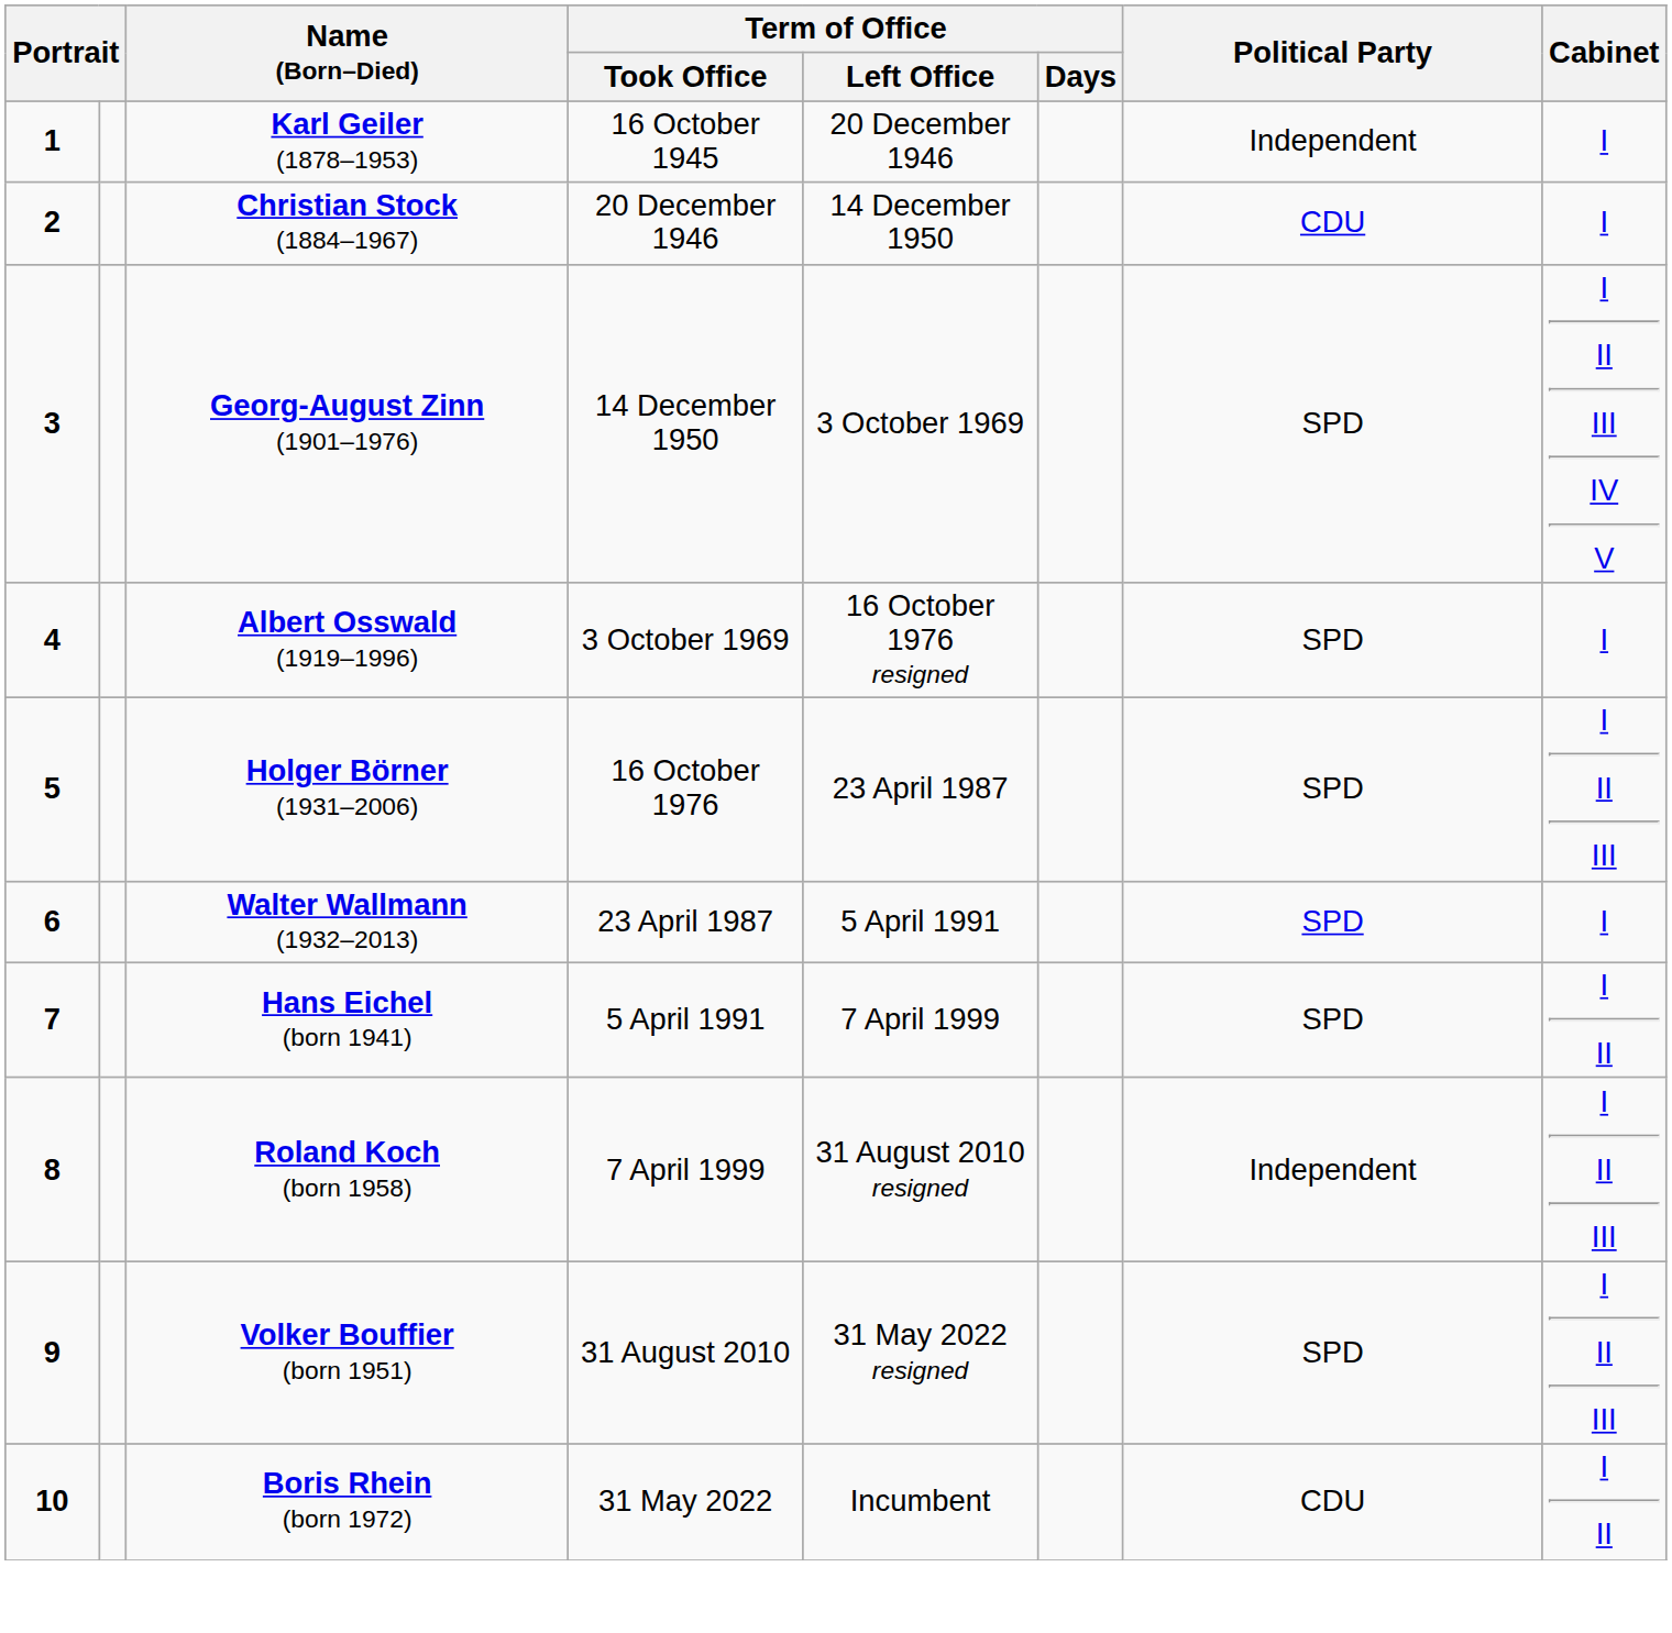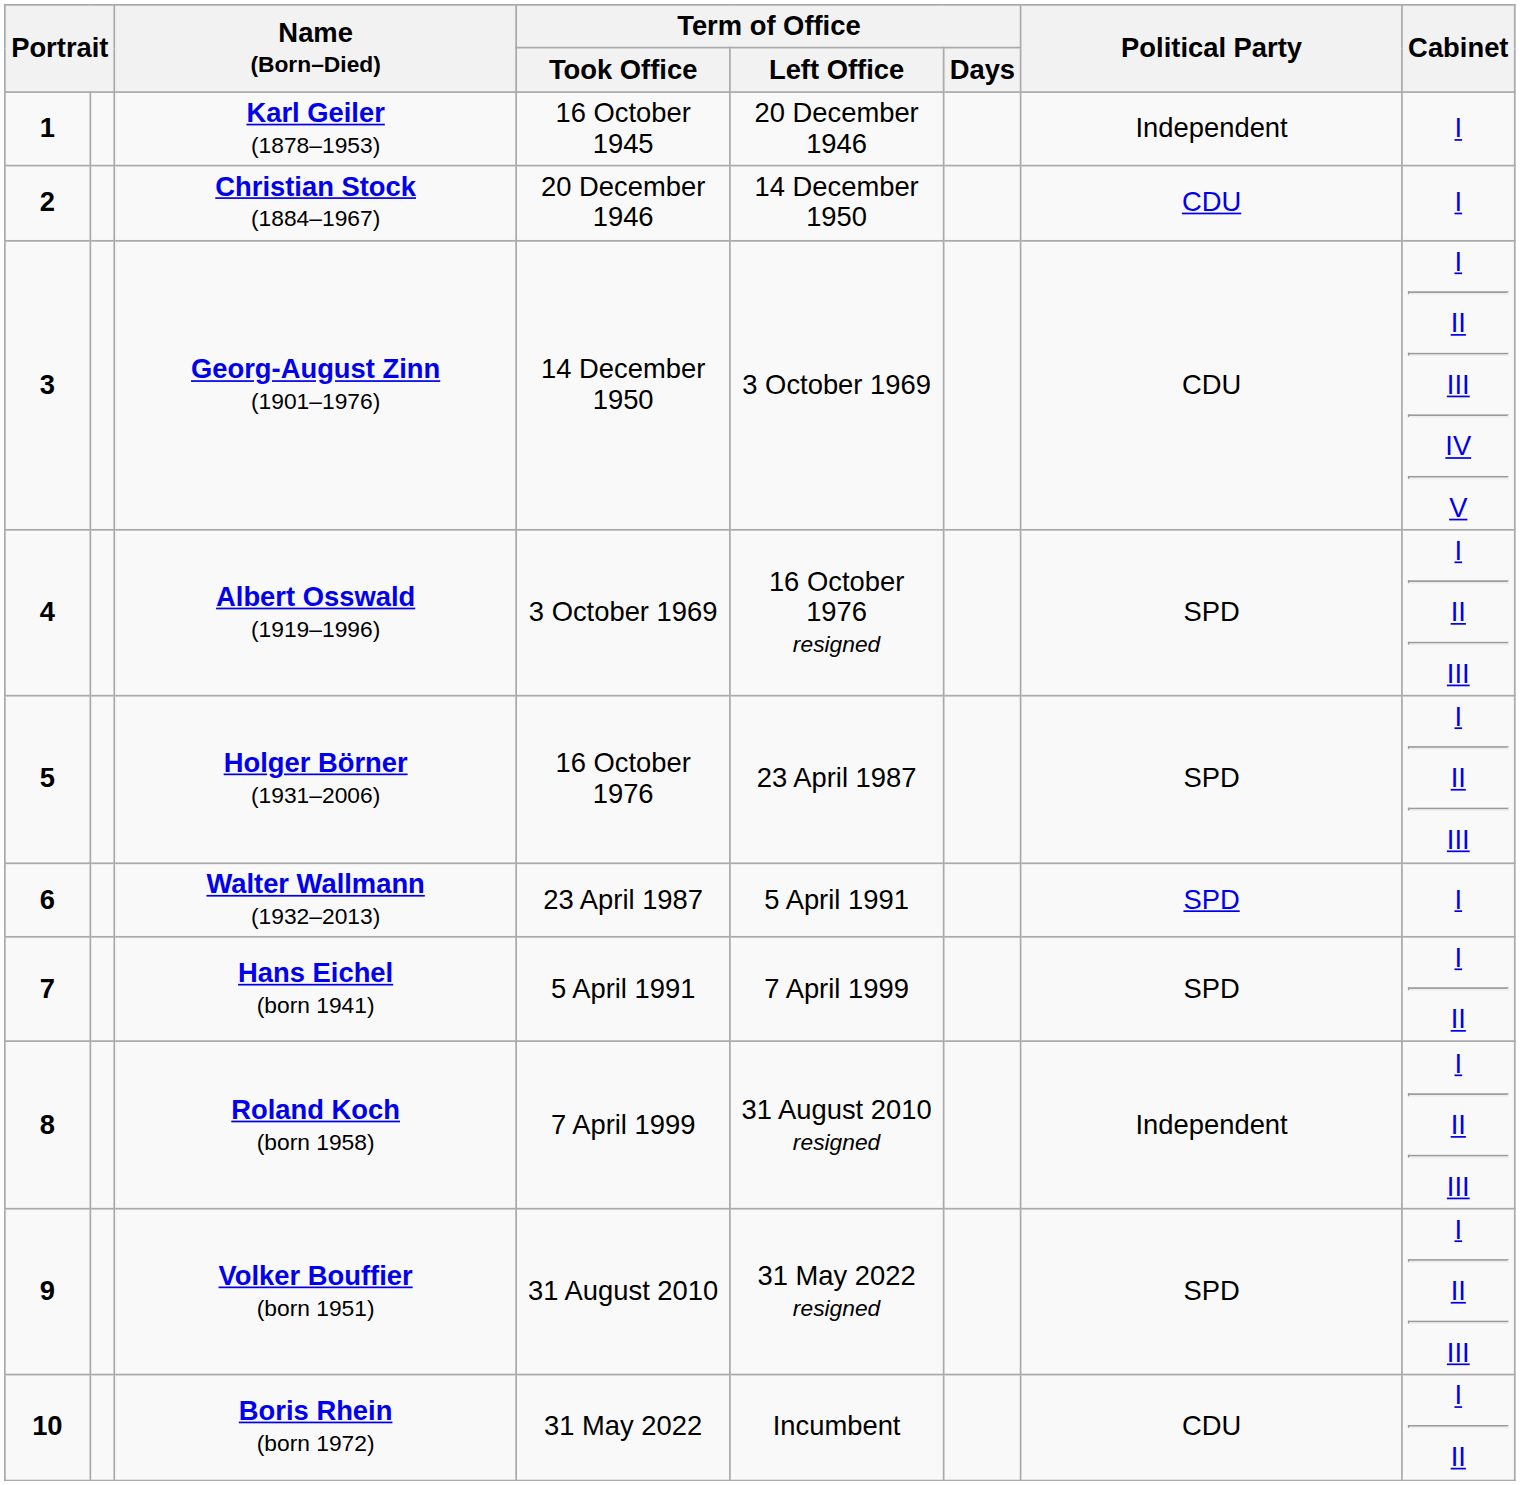 <table class="wikitable" style="text-align:center; width:100%; border:1px #AAAAFF solid">
 <tr>
 <th width=80px rowspan=2 colspan=2>Portrait</th>
 <th width=30% rowspan=2>Name<br><small>(Born–Died)</small></th>
 <th width=35% colspan=3>Term of Office</th>
 <th width=28% rowspan=2>Political Party</th>
 <th width=28% rowspan=2>Cabinet</th>
 </tr>
 <tr>
 <th>Took Office</th>
 <th>Left Office</th>
 <th>Days</th>
 </tr>
 <tr>
 <td style="background:"><strong>1</strong></td>
 <td></td>
 <td><strong><a href='#'>Karl Geiler</a></strong><br><small>(1878–1953)</small></td>
 <td>16 October 1945</td>
 <td>20 December 1946</td>
 <td></td>
 <td>Independent</td>
 <td><a href='#'>I</a></td>
 </tr>
 <tr>
 <td style="background:"><strong>2</strong></td>
 <td></td>
 <td><strong><a href='#'>Christian Stock</a></strong><br><small>(1884–1967)</small></td>
 <td>20 December 1946</td>
 <td>14 December 1950</td>
 <td></td>
 <td><a href='#'>CDU</a></td>
 <td><a href='#'>I</a></td>
 </tr>
 <tr>
 <td style="background:"><strong>3</strong></td>
 <td></td>
 <td><strong><a href='#'>Georg-August Zinn</a></strong><br><small>(1901–1976)</small></td>
 <td>14 December 1950</td>
 <td>3 October 1969</td>
 <td></td>
-<td>SPD</td>
+<td>CDU</td>
 <td><a href='#'>I</a><hr><a href='#'>II</a><hr><a href='#'>III</a><hr><a href='#'>IV</a><hr><a href='#'>V</a></td>
 </tr>
 <tr>
 <td style="background:"><strong>4</strong></td>
 <td></td>
 <td><strong><a href='#'>Albert Osswald</a></strong><br><small>(1919–1996)</small></td>
 <td>3 October 1969</td>
 <td>16 October 1976<br><small><em>resigned</em></small></td>
 <td></td>
 <td>SPD</td>
-<td><a href='#'>I</a></td>
+<td><a href='#'>I</a><hr><a href='#'>II</a><hr><a href='#'>III</a></td>
 </tr>
 <tr>
 <td style="background:"><strong>5</strong></td>
 <td></td>
 <td><strong><a href='#'>Holger Börner</a></strong><br><small>(1931–2006)</small></td>
 <td>16 October 1976</td>
 <td>23 April 1987</td>
 <td></td>
 <td>SPD</td>
 <td><a href='#'>I</a><hr><a href='#'>II</a><hr><a href='#'>III</a></td>
 </tr>
 <tr>
 <td style="background:"><strong>6</strong></td>
 <td></td>
 <td><strong><a href='#'>Walter Wallmann</a></strong><br><small>(1932–2013)</small></td>
 <td>23 April 1987</td>
 <td>5 April 1991</td>
 <td></td>
 <td><a href='#'>SPD</a></td>
 <td><a href='#'>I</a></td>
 </tr>
 <tr>
 <td style="background:"><strong>7</strong></td>
 <td></td>
 <td><strong><a href='#'>Hans Eichel</a></strong><br><small>(born 1941)</small></td>
 <td>5 April 1991</td>
 <td>7 April 1999</td>
 <td></td>
 <td>SPD</td>
 <td><a href='#'>I</a><hr><a href='#'>II</a></td>
 </tr>
 <tr>
 <td style="background:"><strong>8</strong></td>
 <td></td>
 <td><strong><a href='#'>Roland Koch</a></strong><br><small>(born 1958)</small></td>
 <td>7 April 1999</td>
 <td>31 August 2010<br><small><em>resigned</em></small></td>
 <td></td>
 <td>Independent</td>
 <td><a href='#'>I</a><hr><a href='#'>II</a><hr><a href='#'>III</a></td>
 </tr>
 <tr>
 <td style="background:"><strong>9</strong></td>
 <td></td>
 <td><strong><a href='#'>Volker Bouffier</a></strong><br><small>(born 1951)</small></td>
 <td>31 August 2010</td>
 <td>31 May 2022<br><small><em>resigned</em> </small></td>
 <td></td>
 <td>SPD</td>
 <td><a href='#'>I</a><hr><a href='#'>II</a><hr><a href='#'>III</a></td>
 </tr>
 <tr>
 <td style="background:"><strong>10</strong></td>
 <td></td>
 <td><strong><a href='#'>Boris Rhein</a></strong><br><small>(born 1972)</small></td>
 <td>31 May 2022</td>
 <td>Incumbent</td>
 <td></td>
 <td>CDU</td>
 <td><a href='#'>I</a><hr><a href='#'>II</a></td>
 </tr>
 </table>
